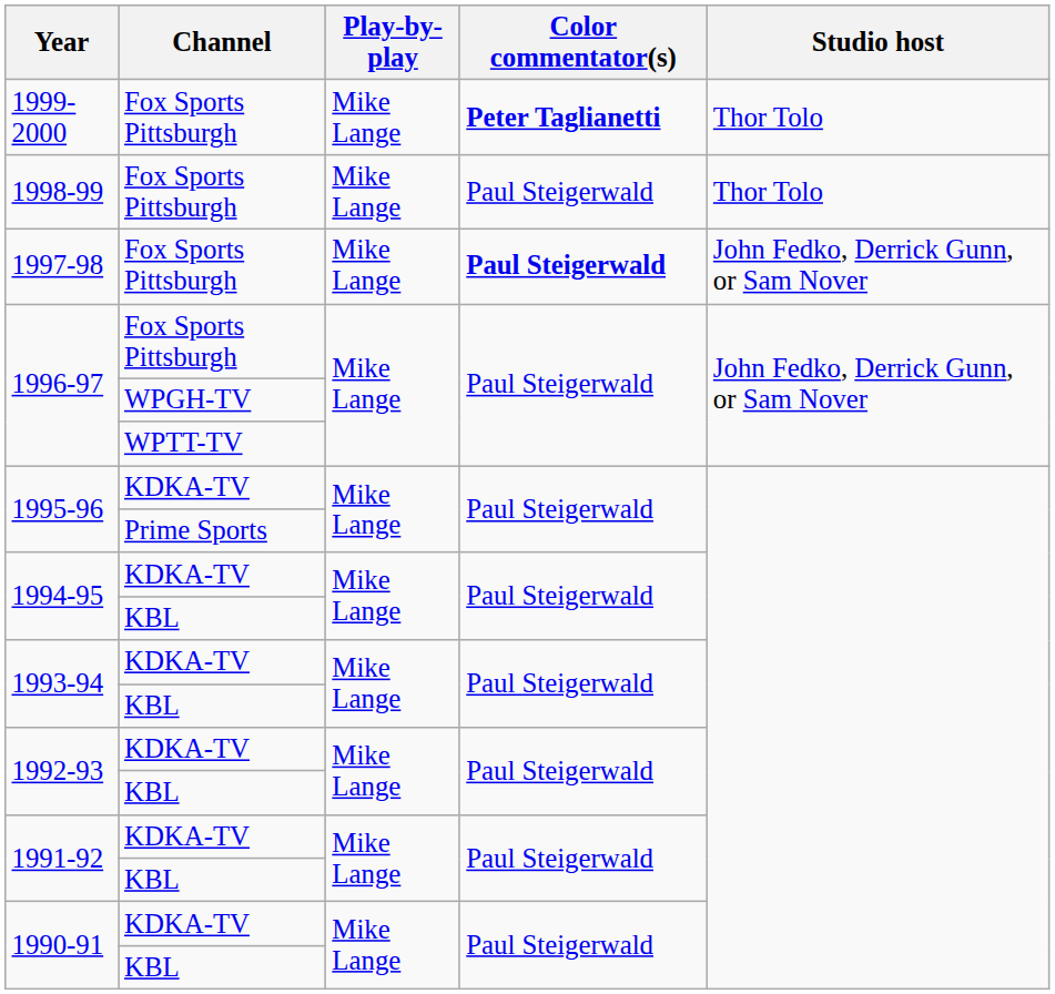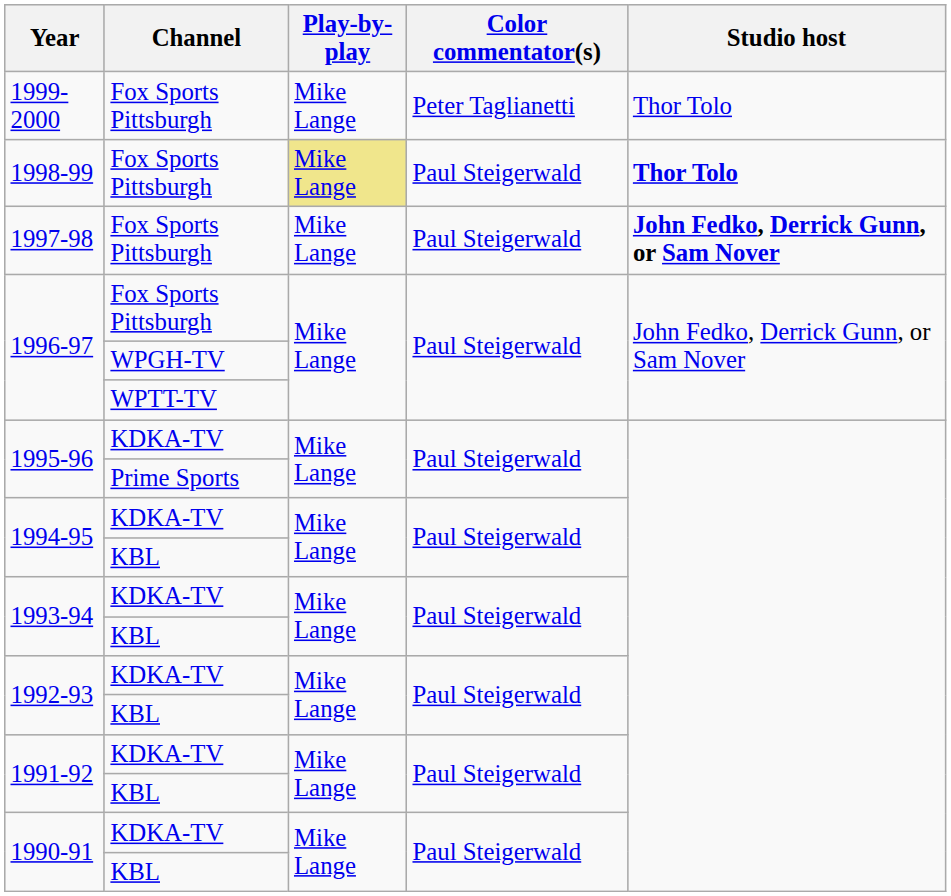 <table class="wikitable">
 <tr>
 <th>Year</th>
 <th>Channel</th>
 <th><a href='#'>Play-by-play</a></th>
 <th><a href='#'>Color commentator</a>(s)</th>
 <th>Studio host</th>
 </tr>
 <tr>
 <td><a href='#'>1999-2000</a></td>
 <td><a href='#'>Fox Sports Pittsburgh</a></td>
 <td><a href='#'>Mike Lange</a></td>
-<td><strong><a href='#'>Peter Taglianetti</a></strong></td>
+<td><a href='#'>Peter Taglianetti</a></td>
 <td><a href='#'>Thor Tolo</a></td>
 </tr>
 <tr>
 <td><a href='#'>1998-99</a></td>
 <td><a href='#'>Fox Sports Pittsburgh</a></td>
-<td><a href='#'>Mike Lange</a></td>
+<td style="background: khaki;"><a href='#'>Mike Lange</a></td>
 <td><a href='#'>Paul Steigerwald</a></td>
-<td><a href='#'>Thor Tolo</a></td>
+<td><strong><a href='#'>Thor Tolo</a></strong></td>
 </tr>
 <tr>
 <td><a href='#'>1997-98</a></td>
 <td><a href='#'>Fox Sports Pittsburgh</a></td>
 <td><a href='#'>Mike Lange</a></td>
-<td><strong><a href='#'>Paul Steigerwald</a></strong></td>
-<td><a href='#'>John Fedko</a>, <a href='#'>Derrick Gunn</a>, or <a href='#'>Sam Nover</a></td>
+<td><a href='#'>Paul Steigerwald</a></td>
+<td><strong><a href='#'>John Fedko</a>, <a href='#'>Derrick Gunn</a>, or <a href='#'>Sam Nover</a></strong></td>
 </tr>
 <tr>
 <td rowspan="3"><a href='#'>1996-97</a></td>
 <td><a href='#'>Fox Sports Pittsburgh</a></td>
 <td rowspan="3"><a href='#'>Mike Lange</a></td>
 <td rowspan="3"><a href='#'>Paul Steigerwald</a></td>
 <td rowspan="3"><a href='#'>John Fedko</a>, <a href='#'>Derrick Gunn</a>, or <a href='#'>Sam Nover</a></td>
 </tr>
 <tr>
 <td><a href='#'>WPGH-TV</a></td>
 </tr>
 <tr>
 <td><a href='#'>WPTT-TV</a></td>
 </tr>
 <tr>
 <td rowspan="2"><a href='#'>1995-96</a></td>
 <td><a href='#'>KDKA-TV</a></td>
 <td rowspan="2"><a href='#'>Mike Lange</a></td>
 <td rowspan="2"><a href='#'>Paul Steigerwald</a></td>
 </tr>
 <tr>
 <td><a href='#'>Prime Sports</a></td>
 </tr>
 <tr>
 <td rowspan="2"><a href='#'>1994-95</a></td>
 <td><a href='#'>KDKA-TV</a></td>
 <td rowspan="2"><a href='#'>Mike Lange</a></td>
 <td rowspan="2"><a href='#'>Paul Steigerwald</a></td>
 </tr>
 <tr>
 <td><a href='#'>KBL</a></td>
 </tr>
 <tr>
 <td rowspan="2"><a href='#'>1993-94</a></td>
 <td><a href='#'>KDKA-TV</a></td>
 <td rowspan="2"><a href='#'>Mike Lange</a></td>
 <td rowspan="2"><a href='#'>Paul Steigerwald</a></td>
 </tr>
 <tr>
 <td><a href='#'>KBL</a></td>
 </tr>
 <tr>
 <td rowspan="2"><a href='#'>1992-93</a></td>
 <td><a href='#'>KDKA-TV</a></td>
 <td rowspan="2"><a href='#'>Mike Lange</a></td>
 <td rowspan="2"><a href='#'>Paul Steigerwald</a></td>
 </tr>
 <tr>
 <td><a href='#'>KBL</a></td>
 </tr>
 <tr>
 <td rowspan="2"><a href='#'>1991-92</a></td>
 <td><a href='#'>KDKA-TV</a></td>
 <td rowspan="2"><a href='#'>Mike Lange</a></td>
 <td rowspan="2"><a href='#'>Paul Steigerwald</a></td>
 </tr>
 <tr>
 <td><a href='#'>KBL</a></td>
 </tr>
 <tr>
 <td rowspan="2"><a href='#'>1990-91</a></td>
 <td><a href='#'>KDKA-TV</a></td>
 <td rowspan="2"><a href='#'>Mike Lange</a></td>
 <td rowspan="2"><a href='#'>Paul Steigerwald</a></td>
 </tr>
 <tr>
 <td><a href='#'>KBL</a></td>
 </tr>
 </table>
